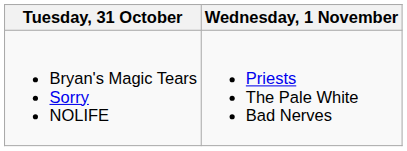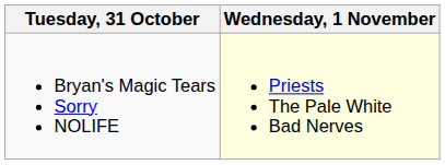 <table class="wikitable">
 <tr>
 <th>Tuesday, 31 October</th>
 <th>Wednesday, 1 November</th>
 </tr>
 <tr valign="top">
 <td><br><ul><li>Bryan's Magic Tears</li><li><a href='#'>Sorry</a></li><li>NOLIFE</li></ul></td>
-<td><br><ul><li><a href='#'>Priests</a></li><li>The Pale White</li><li>Bad Nerves</li></ul></td>
+<td style="background: lightyellow;"><br><ul><li><a href='#'>Priests</a></li><li>The Pale White</li><li>Bad Nerves</li></ul></td>
 </tr>
 </table>
